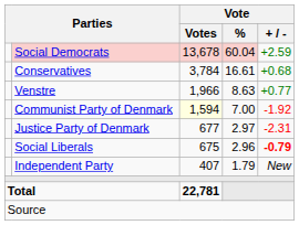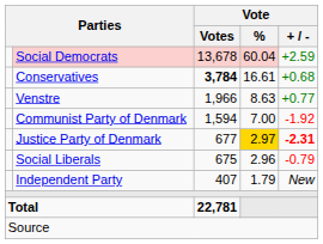 <table class="wikitable" style="text-align:right;">
 <tr>
 <th style="text-align:centre;" rowspan="2" colspan="2" width="225">Parties</th>
 <th colspan="3">Vote</th>
 </tr>
 <tr>
 <th width="15">Votes</th>
 <th width="15">%</th>
 <th width="15">+ / -</th>
 </tr>
 <tr>
 <td width="2" style="color:inherit;background:"></td>
 <td bgcolor=#fbd0ce  align="left"><a href='#'>Social Democrats</a></td>
 <td bgcolor=#fbd0ce>13,678</td>
 <td bgcolor=#fbd0ce>60.04</td>
 <td style=color:green;>+2.59</td>
 </tr>
 <tr>
 <td width="2" style="color:inherit;background:"></td>
 <td align="left"><a href='#'>Conservatives</a></td>
-<td>3,784</td>
+<td><strong>3,784</strong></td>
 <td>16.61</td>
 <td style=color:green;>+0.68</td>
 </tr>
 <tr>
 <td width="2" style="color:inherit;background:"></td>
 <td align="left"><a href='#'>Venstre</a></td>
 <td>1,966</td>
 <td>8.63</td>
 <td style=color:green;>+0.77</td>
 </tr>
 <tr>
 <td width="2" style="color:inherit;background:"></td>
 <td align="left"><a href='#'>Communist Party of Denmark</a></td>
-<td style="background: lightyellow;">1,594</td>
+<td>1,594</td>
 <td>7.00</td>
 <td style=color:red;>-1.92</td>
 </tr>
 <tr>
 <td width="2" style="color:inherit;background:"></td>
 <td align="left"><a href='#'>Justice Party of Denmark</a></td>
 <td>677</td>
-<td>2.97</td>
-<td style=color:red;>-2.31</td>
+<td style="background: gold;">2.97</td>
+<td style=color:red;><strong>-2.31</strong></td>
 </tr>
 <tr>
 <td width="2" style="color:inherit;background:"></td>
 <td align="left"><a href='#'>Social Liberals</a></td>
 <td>675</td>
 <td>2.96</td>
-<td style=color:red;><strong>-0.79</strong></td>
+<td style=color:red;>-0.79</td>
 </tr>
 <tr>
 <td width="2" style="color:inherit;background:"></td>
 <td align="left"><a href='#'>Independent Party</a></td>
 <td>407</td>
 <td>1.79</td>
 <td><em>New</em></td>
 </tr>
 <tr>
 <td colspan="7" bgcolor="#E9E9E9"></td>
 </tr>
 <tr>
 <td align="left" colspan="2"><strong>Total</strong></td>
 <td><strong>22,781</strong></td>
 <td bgcolor="#E9E9E9" colspan="2"></td>
 </tr>
 <tr>
 <td align="left" colspan="6">Source</td>
 </tr>
 </table>
